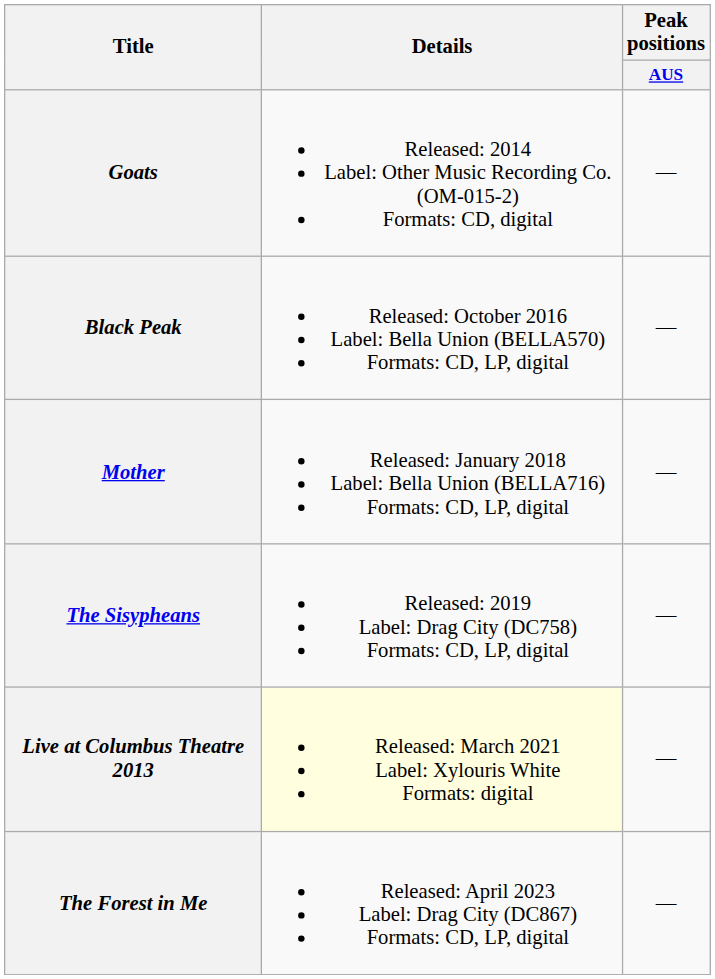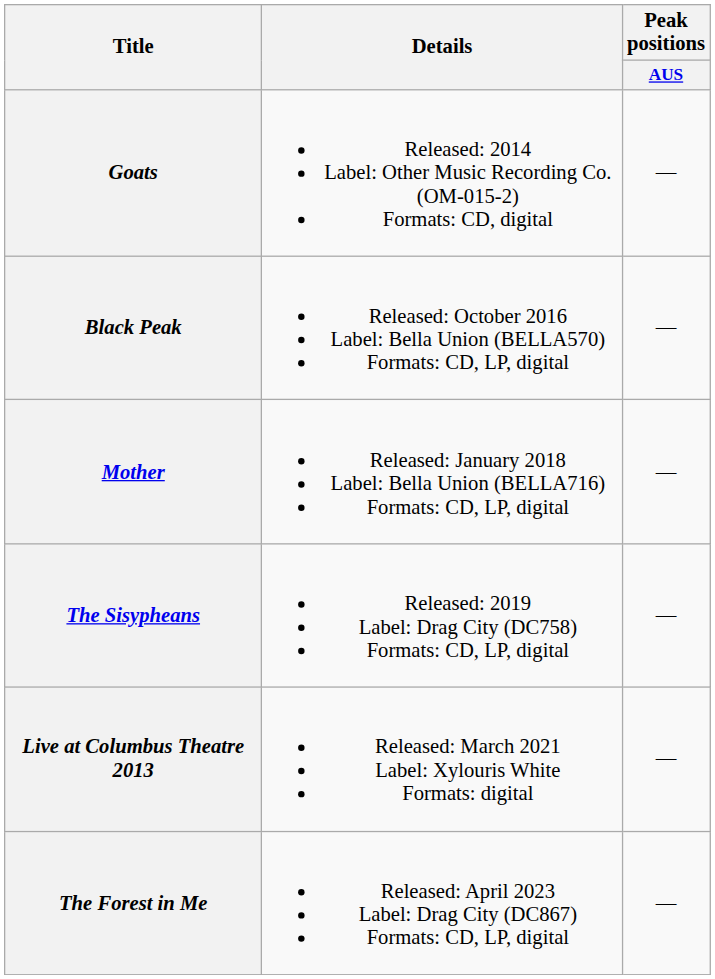 <table class="wikitable plainrowheaders" style="text-align:center;">
 <tr>
 <th rowspan="2" style="width:12em;">Title</th>
 <th rowspan="2" style="width:17em;">Details</th>
 <th colspan="1">Peak positions</th>
 </tr>
 <tr style="font-size:smaller;">
 <th width="50"><a href='#'>AUS</a><br></th>
 </tr>
 <tr>
 <th scope="row"><em>Goats</em></th>
 <td><br><ul><li>Released: 2014</li><li>Label: Other Music Recording Co. (OM-015-2)</li><li>Formats: CD, digital</li></ul></td>
 <td>—</td>
 </tr>
 <tr>
 <th scope="row"><em>Black Peak</em></th>
 <td><br><ul><li>Released: October 2016</li><li>Label: Bella Union (BELLA570)</li><li>Formats: CD, LP, digital</li></ul></td>
 <td>—</td>
 </tr>
 <tr>
 <th scope="row"><em><a href='#'>Mother</a></em></th>
 <td><br><ul><li>Released: January 2018</li><li>Label: Bella Union (BELLA716)</li><li>Formats: CD, LP, digital</li></ul></td>
 <td>—</td>
 </tr>
 <tr>
 <th scope="row"><em><a href='#'>The Sisypheans</a></em></th>
 <td><br><ul><li>Released: 2019</li><li>Label: Drag City (DC758)</li><li>Formats: CD, LP, digital</li></ul></td>
 <td>—</td>
 </tr>
 <tr>
 <th scope="row"><em>Live at Columbus Theatre 2013</em></th>
-<td style="background: lightyellow;"><br><ul><li>Released: March 2021</li><li>Label: Xylouris White</li><li>Formats: digital</li></ul></td>
+<td><br><ul><li>Released: March 2021</li><li>Label: Xylouris White</li><li>Formats: digital</li></ul></td>
 <td>—</td>
 </tr>
 <tr>
 <th scope="row"><em>The Forest in Me</em></th>
 <td><br><ul><li>Released: April 2023</li><li>Label: Drag City (DC867)</li><li>Formats: CD, LP, digital</li></ul></td>
 <td>—</td>
 </tr>
 </table>
